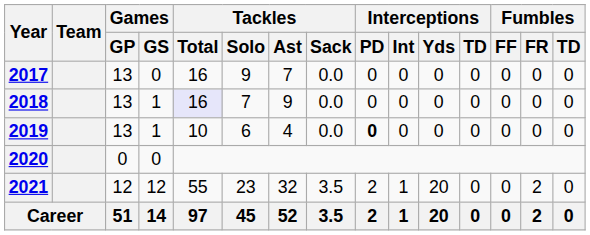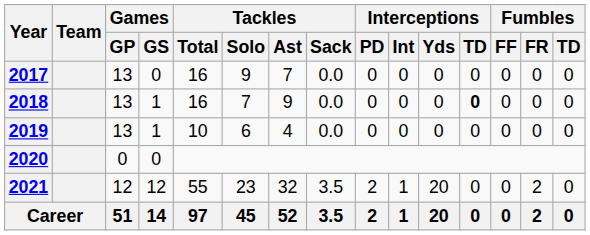 <table class="wikitable" style="text-align:center;">
 <tr>
 <th rowspan="2">Year</th>
 <th rowspan="2">Team</th>
 <th colspan="2">Games</th>
 <th colspan="4">Tackles</th>
 <th colspan="4">Interceptions</th>
 <th colspan="3">Fumbles</th>
 </tr>
 <tr>
 <th>GP</th>
 <th>GS</th>
 <th>Total</th>
 <th>Solo</th>
 <th>Ast</th>
 <th>Sack</th>
 <th>PD</th>
 <th>Int</th>
 <th>Yds</th>
 <th>TD</th>
 <th>FF</th>
 <th>FR</th>
 <th>TD</th>
 </tr>
 <tr>
 <th><a href='#'>2017</a></th>
 <th><a href='#'></a></th>
 <td>13</td>
 <td>0</td>
 <td>16</td>
 <td>9</td>
 <td>7</td>
 <td>0.0</td>
 <td>0</td>
 <td>0</td>
 <td>0</td>
 <td>0</td>
 <td>0</td>
 <td>0</td>
 <td>0</td>
 </tr>
 <tr>
 <th><a href='#'>2018</a></th>
 <th><a href='#'></a></th>
 <td>13</td>
 <td>1</td>
-<td style="background: lavender;">16</td>
+<td>16</td>
 <td>7</td>
 <td>9</td>
 <td>0.0</td>
 <td>0</td>
 <td>0</td>
 <td>0</td>
-<td>0</td>
+<td><strong>0</strong></td>
 <td>0</td>
 <td>0</td>
 <td>0</td>
 </tr>
 <tr>
 <th><a href='#'>2019</a></th>
 <th><a href='#'></a></th>
 <td>13</td>
 <td>1</td>
 <td>10</td>
 <td>6</td>
 <td>4</td>
 <td>0.0</td>
-<td><strong>0</strong></td>
+<td>0</td>
 <td>0</td>
 <td>0</td>
 <td>0</td>
 <td>0</td>
 <td>0</td>
 <td>0</td>
 </tr>
 <tr>
 <th><a href='#'>2020</a></th>
 <th><a href='#'></a></th>
 <td>0</td>
 <td>0</td>
 <td colspan="11"></td>
 </tr>
 <tr>
 <th><a href='#'>2021</a></th>
 <th><a href='#'></a></th>
 <td>12</td>
 <td>12</td>
 <td>55</td>
 <td>23</td>
 <td>32</td>
 <td>3.5</td>
 <td>2</td>
 <td>1</td>
 <td>20</td>
 <td>0</td>
 <td>0</td>
 <td>2</td>
 <td>0</td>
 </tr>
 <tr>
 <th align=center colspan="2">Career</th>
 <th>51</th>
 <th>14</th>
 <th>97</th>
 <th>45</th>
 <th>52</th>
 <th>3.5</th>
 <th>2</th>
 <th>1</th>
 <th>20</th>
 <th>0</th>
 <th>0</th>
 <th>2</th>
 <th>0</th>
 </tr>
 </table>
